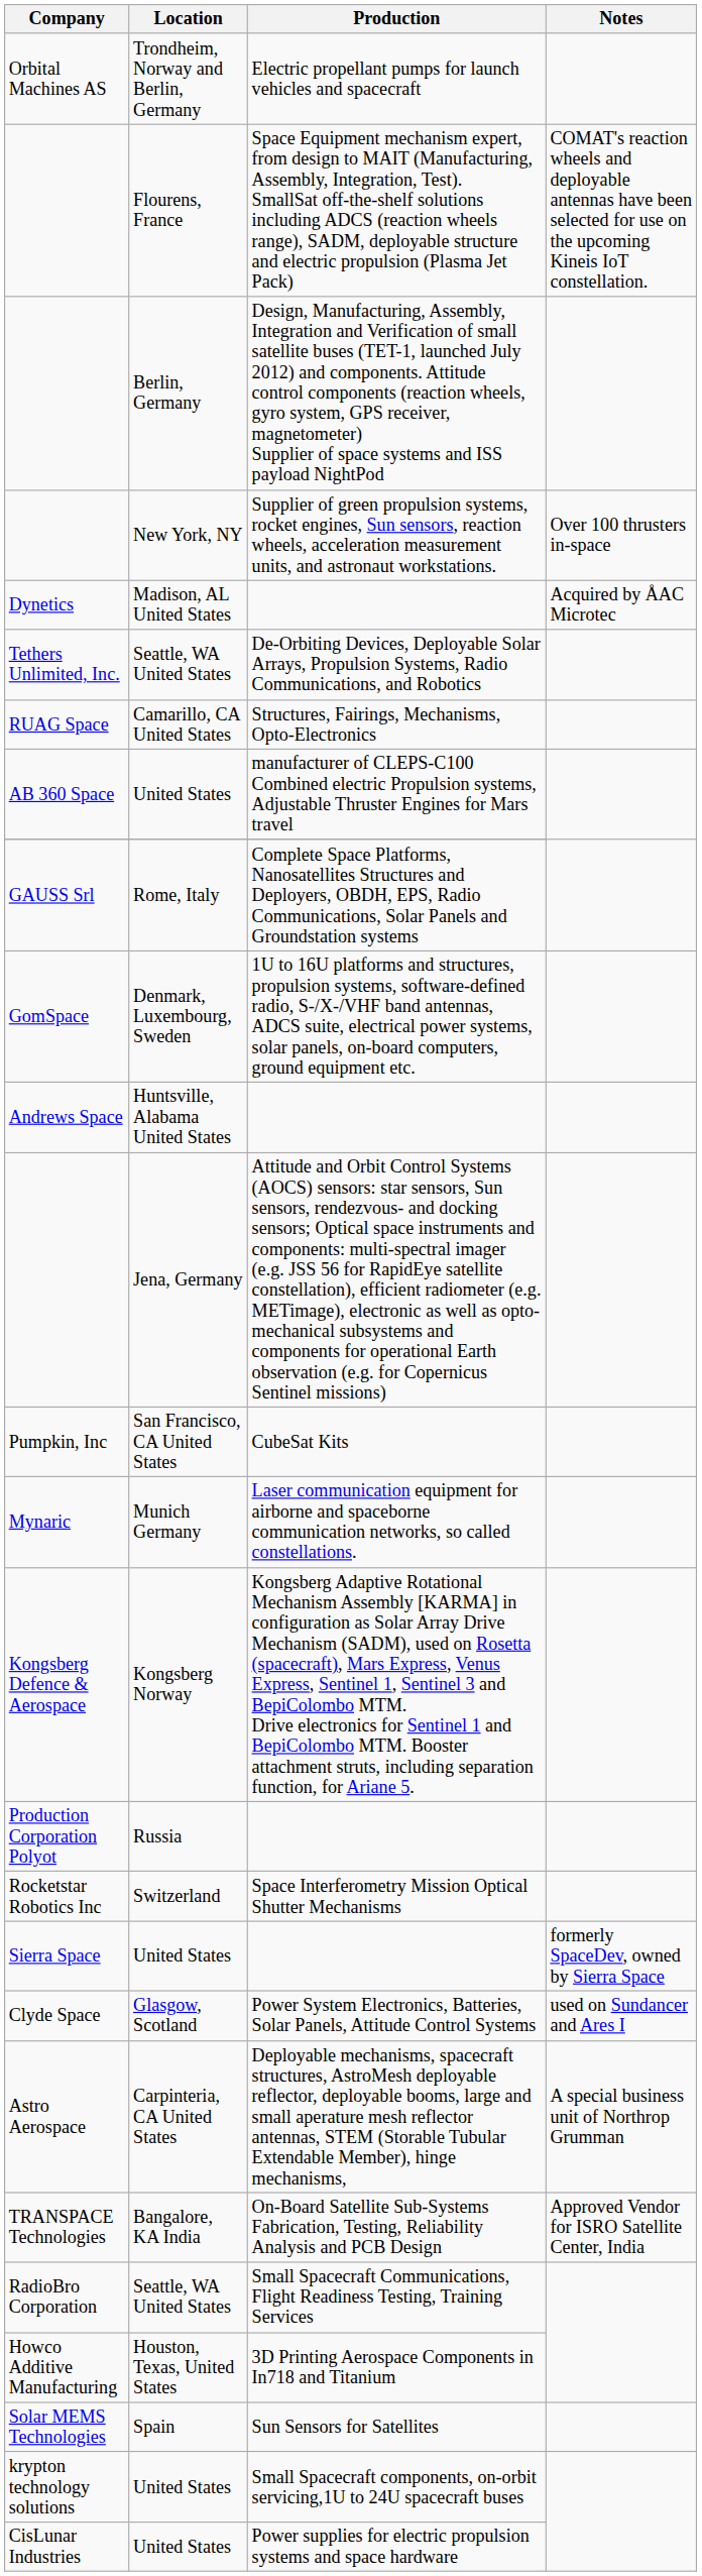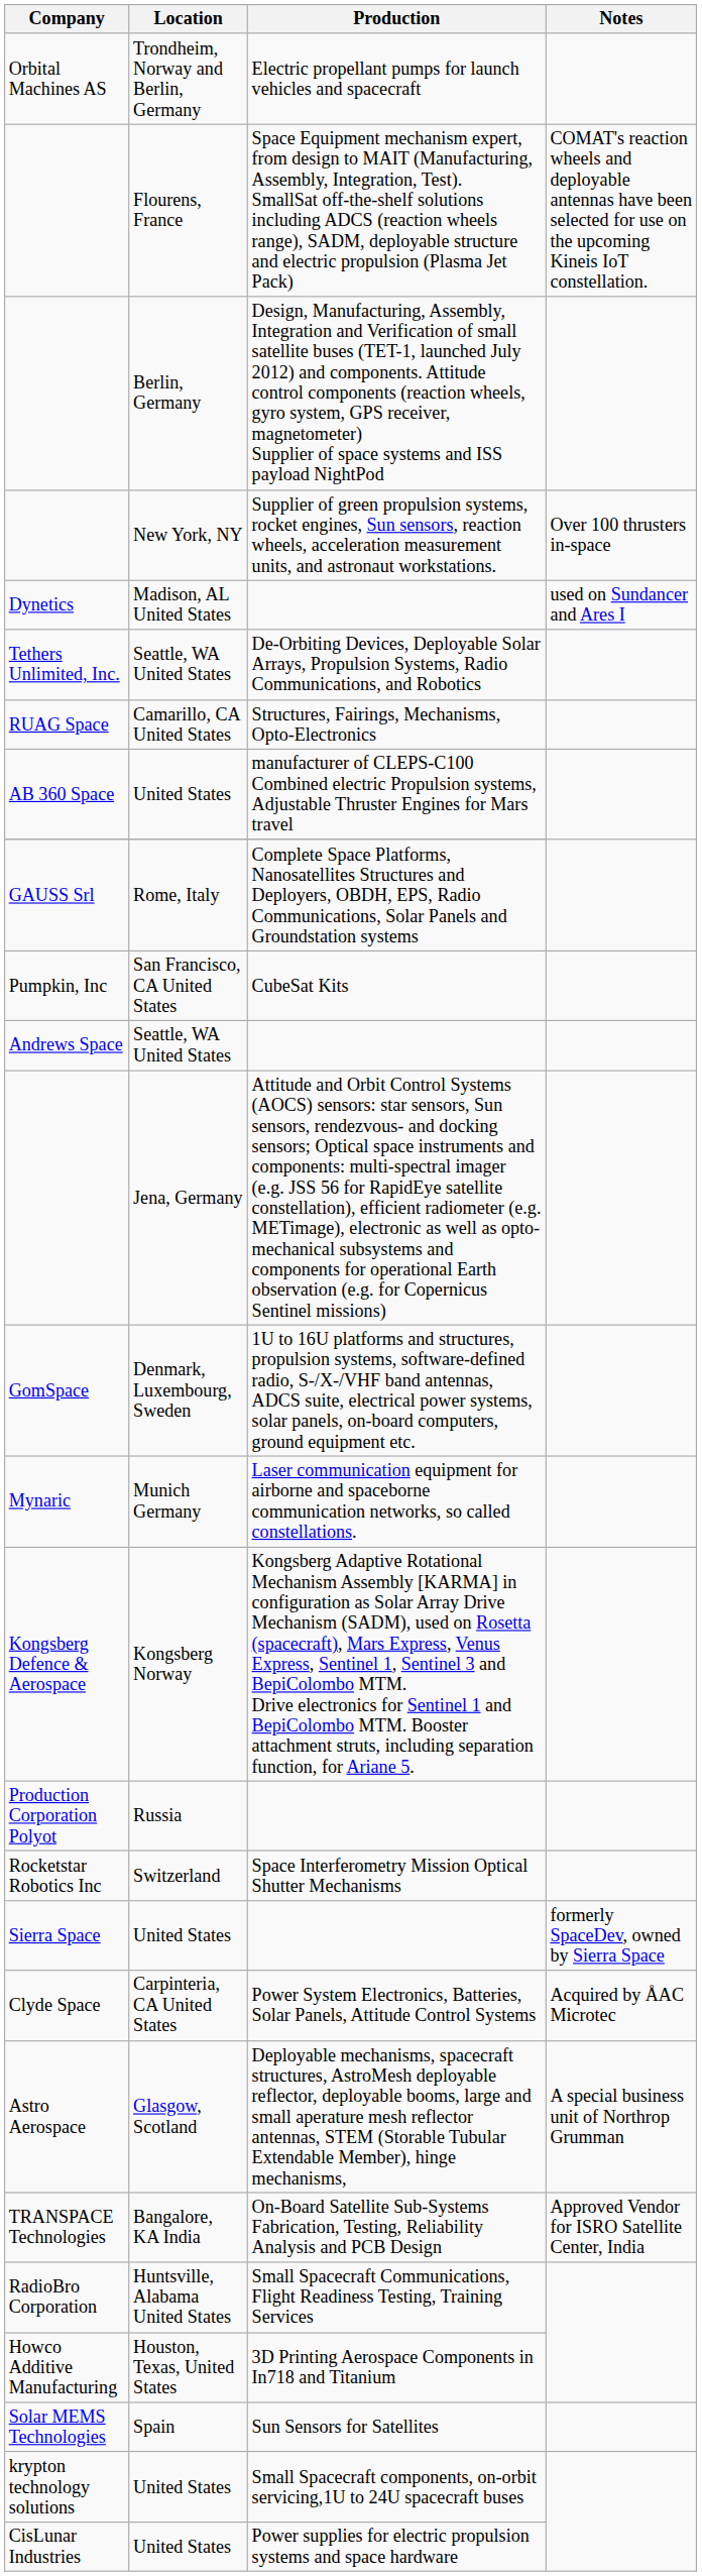 <table class="wikitable sortable" border="1">
 <tr>
 <th>Company</th>
 <th>Location</th>
 <th>Production</th>
 <th>Notes</th>
 </tr>
 <tr>
 <td>Orbital Machines AS</td>
 <td>Trondheim, Norway and Berlin, Germany</td>
 <td>Electric propellant pumps for launch vehicles and spacecraft</td>
 <td></td>
 </tr>
 <tr>
 <td></td>
 <td>Flourens, France</td>
 <td>Space Equipment mechanism expert, from design to MAIT (Manufacturing, Assembly, Integration, Test).<br>SmallSat off-the-shelf solutions including ADCS (reaction wheels range), SADM, deployable structure and electric propulsion (Plasma Jet Pack)</td>
 <td>COMAT's reaction wheels and deployable antennas have been selected for use on the upcoming Kineis IoT constellation.</td>
 </tr>
 <tr>
 <td></td>
 <td>Berlin, Germany</td>
 <td>Design, Manufacturing, Assembly, Integration and Verification of small satellite buses (TET-1, launched July 2012) and components. Attitude control components (reaction wheels, gyro system, GPS receiver, magnetometer)<br>Supplier of space systems and ISS payload NightPod</td>
 <td></td>
 </tr>
 <tr>
 <td></td>
 <td>New York, NY</td>
 <td>Supplier of green propulsion systems, rocket engines, <a href='#'>Sun sensors</a>, reaction wheels, acceleration measurement units, and astronaut workstations.</td>
 <td>Over 100 thrusters in-space</td>
 </tr>
 <tr>
 <td><a href='#'>Dynetics</a></td>
 <td>Madison, AL United States</td>
 <td></td>
-<td>Acquired by ÅAC Microtec</td>
+<td>used on <a href='#'>Sundancer</a> and <a href='#'>Ares I</a></td>
 </tr>
 <tr>
 <td><a href='#'>Tethers Unlimited, Inc.</a></td>
 <td>Seattle, WA United States</td>
 <td>De-Orbiting Devices, Deployable Solar Arrays, Propulsion Systems, Radio Communications, and Robotics</td>
 <td></td>
 </tr>
 <tr>
 <td><a href='#'>RUAG Space</a></td>
 <td>Camarillo, CA United States</td>
 <td>Structures, Fairings, Mechanisms, Opto-Electronics</td>
 <td></td>
 </tr>
 <tr>
 <td><a href='#'>AB 360 Space</a></td>
 <td>United States</td>
 <td>manufacturer of CLEPS-C100 Combined electric Propulsion systems, Adjustable Thruster Engines for Mars travel</td>
 </tr>
 <tr ->
 </tr>
 <tr |->
 <td><a href='#'>GAUSS Srl</a></td>
 <td>Rome, Italy</td>
 <td>Complete Space Platforms, Nanosatellites Structures and Deployers, OBDH, EPS, Radio Communications, Solar Panels and Groundstation systems</td>
 <td></td>
 </tr>
 <tr>
-<td><a href='#'>GomSpace</a></td>
-<td>Denmark, Luxembourg, Sweden</td>
-<td>1U to 16U platforms and structures, propulsion systems, software-defined radio, S-/X-/VHF band antennas, ADCS suite, electrical power systems, solar panels, on-board computers, ground equipment etc.</td>
+<td>Pumpkin, Inc</td>
+<td>San Francisco, CA United States</td>
+<td>CubeSat Kits</td>
 <td></td>
 </tr>
 <tr>
 <td><a href='#'>Andrews Space</a></td>
-<td>Huntsville, Alabama United States</td>
+<td>Seattle, WA United States</td>
 <td></td>
 <td></td>
 </tr>
 <tr>
 <td></td>
 <td>Jena, Germany</td>
 <td>Attitude and Orbit Control Systems (AOCS) sensors: star sensors, Sun sensors, rendezvous- and docking sensors; Optical space instruments and components: multi-spectral imager (e.g. JSS 56 for RapidEye satellite constellation), efficient radiometer (e.g. METimage), electronic as well as opto-mechanical subsystems and components for operational Earth observation (e.g. for Copernicus Sentinel missions)</td>
 <td></td>
 </tr>
 <tr>
-<td>Pumpkin, Inc</td>
-<td>San Francisco, CA United States</td>
-<td>CubeSat Kits</td>
+<td><a href='#'>GomSpace</a></td>
+<td>Denmark, Luxembourg, Sweden</td>
+<td>1U to 16U platforms and structures, propulsion systems, software-defined radio, S-/X-/VHF band antennas, ADCS suite, electrical power systems, solar panels, on-board computers, ground equipment etc.</td>
 <td></td>
 </tr>
 <tr>
 <td><a href='#'>Mynaric</a></td>
 <td>Munich Germany</td>
 <td><a href='#'>Laser communication</a> equipment for airborne and spaceborne communication networks, so called <a href='#'>constellations</a>.</td>
 <td></td>
 </tr>
 <tr>
 <td><a href='#'>Kongsberg Defence & Aerospace</a></td>
 <td>Kongsberg Norway</td>
 <td>Kongsberg Adaptive Rotational Mechanism Assembly [KARMA] in configuration as Solar Array Drive Mechanism (SADM), used on <a href='#'>Rosetta (spacecraft)</a>, <a href='#'>Mars Express</a>, <a href='#'>Venus Express</a>, <a href='#'>Sentinel 1</a>, <a href='#'>Sentinel 3</a> and <a href='#'>BepiColombo</a> MTM.<br>Drive electronics for <a href='#'>Sentinel 1</a> and <a href='#'>BepiColombo</a> MTM. Booster attachment struts, including separation function, for <a href='#'>Ariane 5</a>.</td>
 <td></td>
 </tr>
 <tr>
 <td><a href='#'>Production Corporation Polyot</a></td>
 <td>Russia</td>
 <td></td>
 <td></td>
 </tr>
 <tr>
 <td>Rocketstar Robotics Inc</td>
 <td>Switzerland</td>
 <td>Space Interferometry Mission Optical Shutter Mechanisms</td>
 <td></td>
 </tr>
 <tr>
 <td><a href='#'>Sierra Space</a></td>
 <td>United States</td>
 <td></td>
 <td>formerly <a href='#'>SpaceDev</a>, owned by <a href='#'>Sierra Space</a></td>
 </tr>
 <tr>
 <td>Clyde Space</td>
-<td><a href='#'>Glasgow</a>, Scotland</td>
+<td>Carpinteria, CA United States</td>
 <td>Power System Electronics, Batteries, Solar Panels, Attitude Control Systems</td>
-<td>used on <a href='#'>Sundancer</a> and <a href='#'>Ares I</a></td>
+<td>Acquired by ÅAC Microtec</td>
 </tr>
 <tr>
 <td>Astro Aerospace</td>
-<td>Carpinteria, CA United States</td>
+<td><a href='#'>Glasgow</a>, Scotland</td>
 <td>Deployable mechanisms, spacecraft structures, AstroMesh deployable reflector, deployable booms, large and small aperature mesh reflector antennas, STEM (Storable Tubular Extendable Member), hinge mechanisms,</td>
 <td>A special business unit of Northrop Grumman</td>
 </tr>
 <tr>
 <td>TRANSPACE Technologies</td>
 <td>Bangalore, KA India</td>
 <td>On-Board Satellite Sub-Systems Fabrication, Testing, Reliability Analysis and PCB Design</td>
 <td>Approved Vendor for ISRO Satellite Center, India</td>
 </tr>
 <tr>
 <td>RadioBro Corporation</td>
-<td>Seattle, WA United States</td>
+<td>Huntsville, Alabama United States</td>
 <td>Small Spacecraft Communications, Flight Readiness Testing, Training Services</td>
 </tr>
 <tr>
 <td>Howco Additive Manufacturing</td>
 <td>Houston, Texas, United States</td>
 <td>3D Printing Aerospace Components in In718 and Titanium</td>
 </tr>
 <tr>
 <td><a href='#'>Solar MEMS Technologies</a></td>
 <td>Spain</td>
 <td>Sun Sensors for Satellites</td>
 <td></td>
 </tr>
 <tr>
 <td>krypton technology solutions</td>
 <td>United States</td>
 <td>Small Spacecraft components, on-orbit servicing,1U to 24U spacecraft buses</td>
 </tr>
 <tr>
 <td>CisLunar Industries</td>
 <td>United States</td>
 <td>Power supplies for electric propulsion systems and space hardware</td>
 </tr>
 </table>
